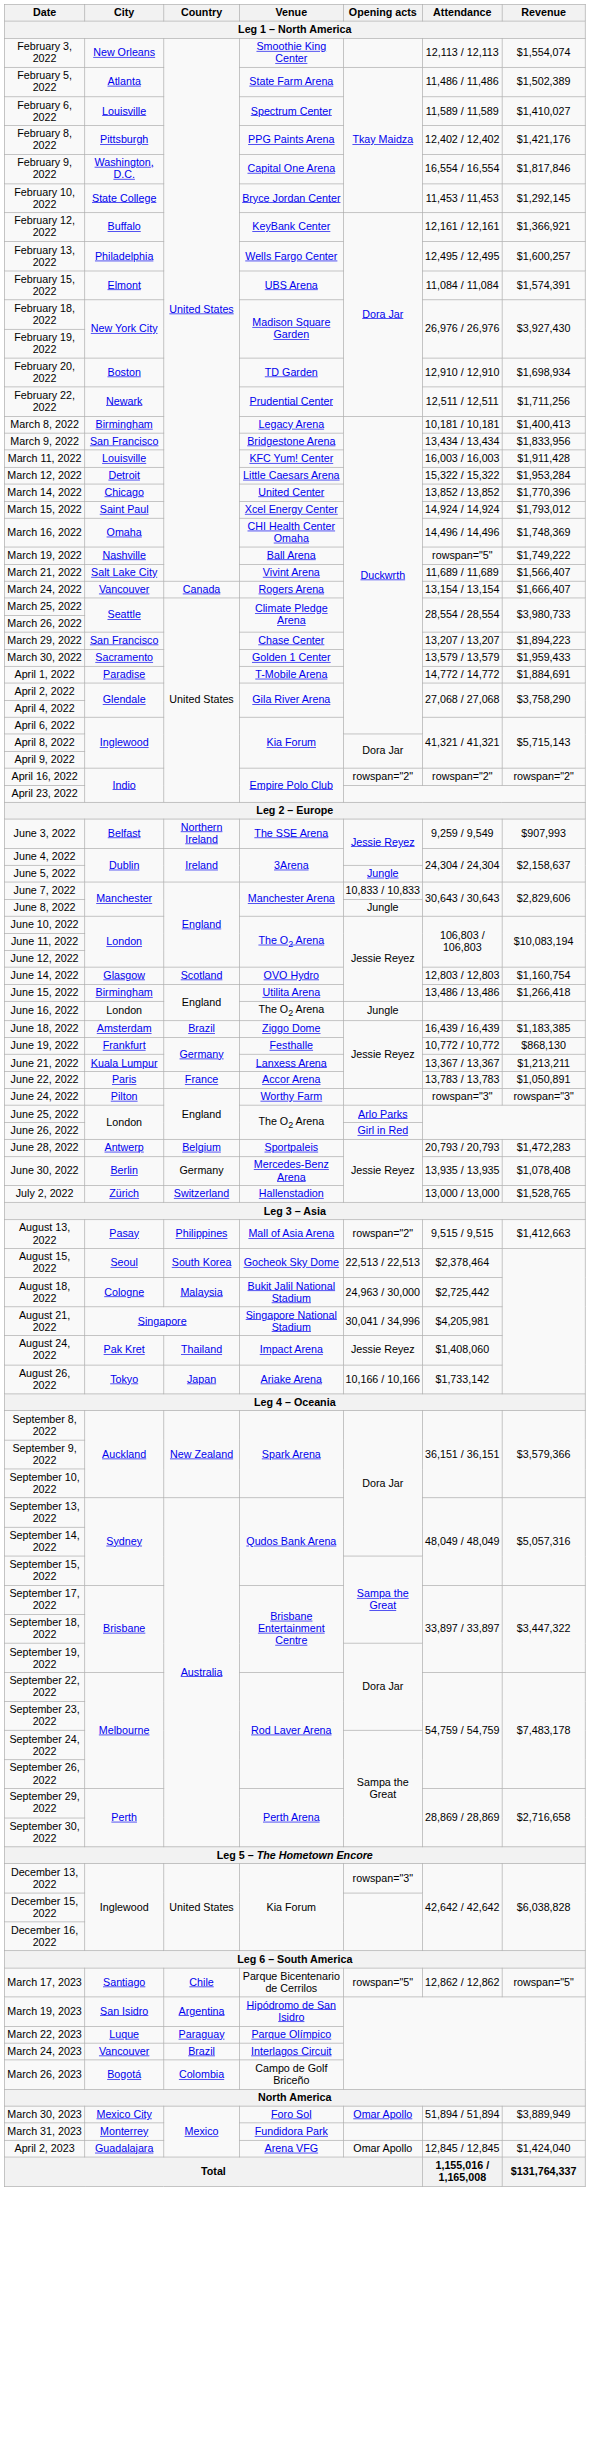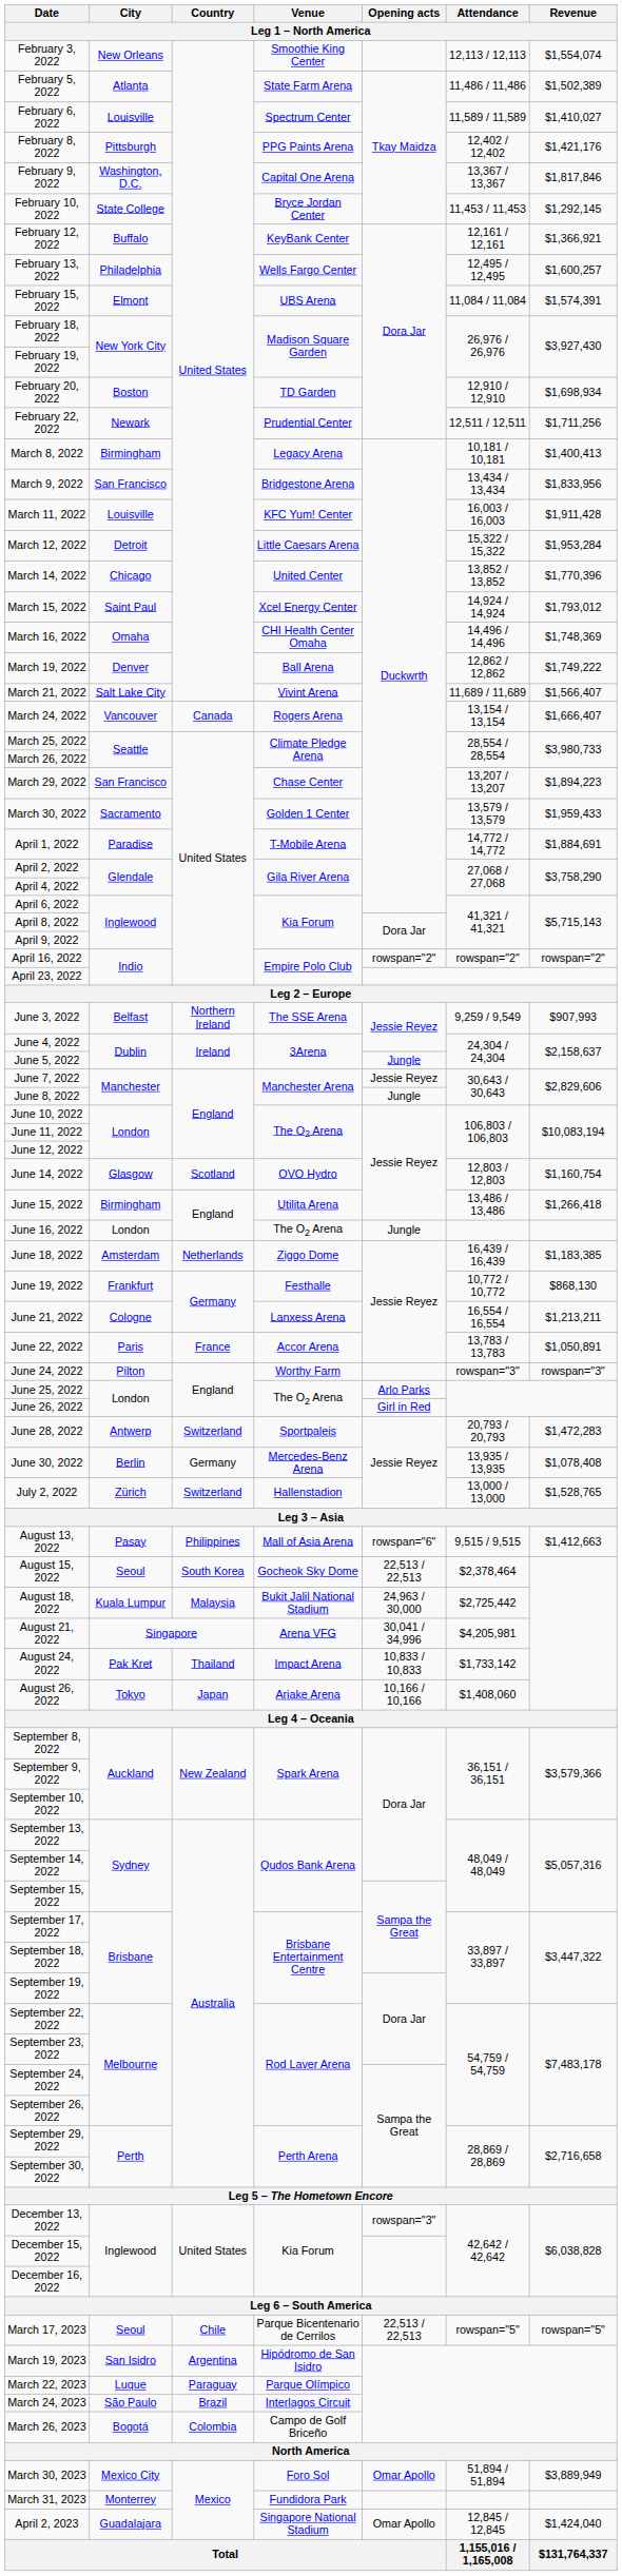 <table class="wikitable plainrowheaders" style="text-align:center;">
 <tr>
 <th scope="col" style="width:12em;">Date</th>
 <th scope="col" style="width:10em;">City</th>
 <th scope="col" style="width:10em;">Country</th>
 <th scope="col" style="width:16em;">Venue</th>
 <th scope="col" style="width:10em;">Opening acts</th>
 <th scope="col" style="width:10em;">Attendance</th>
 <th scope="col" style="width:10em;">Revenue</th>
 </tr>
 <tr>
 <th colspan="7">Leg 1 <strong>–</strong> North America</th>
 </tr>
 <tr>
 <td>February 3, 2022</td>
 <td><a href='#'>New Orleans</a></td>
 <td rowspan="22"><a href='#'>United States</a></td>
 <td><a href='#'>Smoothie King Center</a></td>
 <td></td>
 <td>12,113 / 12,113</td>
 <td>$1,554,074</td>
 </tr>
 <tr>
 <td>February 5, 2022</td>
 <td><a href='#'>Atlanta</a></td>
 <td><a href='#'>State Farm Arena</a></td>
 <td rowspan="5"><a href='#'>Tkay Maidza</a></td>
 <td>11,486 / 11,486</td>
 <td>$1,502,389</td>
 </tr>
 <tr>
 <td>February 6, 2022</td>
 <td><a href='#'>Louisville</a></td>
 <td><a href='#'>Spectrum Center</a></td>
 <td>11,589 / 11,589</td>
 <td>$1,410,027</td>
 </tr>
 <tr>
 <td>February 8, 2022</td>
 <td><a href='#'>Pittsburgh</a></td>
 <td><a href='#'>PPG Paints Arena</a></td>
 <td>12,402 / 12,402</td>
 <td>$1,421,176</td>
 </tr>
 <tr>
 <td>February 9, 2022</td>
 <td><a href='#'>Washington, D.C.</a></td>
 <td><a href='#'>Capital One Arena</a></td>
-<td>16,554 / 16,554</td>
+<td>13,367 / 13,367</td>
 <td>$1,817,846</td>
 </tr>
 <tr>
 <td>February 10, 2022</td>
 <td><a href='#'>State College</a></td>
 <td><a href='#'>Bryce Jordan Center</a></td>
 <td>11,453 / 11,453</td>
 <td>$1,292,145</td>
 </tr>
 <tr>
 <td>February 12, 2022</td>
 <td><a href='#'>Buffalo</a></td>
 <td><a href='#'>KeyBank Center</a></td>
 <td rowspan="7"><a href='#'>Dora Jar</a></td>
 <td>12,161 / 12,161</td>
 <td>$1,366,921</td>
 </tr>
 <tr>
 <td>February 13, 2022</td>
 <td><a href='#'>Philadelphia</a></td>
 <td><a href='#'>Wells Fargo Center</a></td>
 <td>12,495 / 12,495</td>
 <td>$1,600,257</td>
 </tr>
 <tr>
 <td>February 15, 2022</td>
 <td><a href='#'>Elmont</a></td>
 <td><a href='#'>UBS Arena</a></td>
 <td>11,084 / 11,084</td>
 <td>$1,574,391</td>
 </tr>
 <tr>
 <td>February 18, 2022</td>
 <td rowspan="2"><a href='#'>New York City</a></td>
 <td rowspan="2"><a href='#'>Madison Square Garden</a></td>
 <td rowspan="2">26,976 / 26,976</td>
 <td rowspan="2">$3,927,430</td>
 </tr>
 <tr>
 <td>February 19, 2022</td>
 </tr>
 <tr>
 <td>February 20, 2022</td>
 <td><a href='#'>Boston</a></td>
 <td><a href='#'>TD Garden</a></td>
 <td>12,910 / 12,910</td>
 <td>$1,698,934</td>
 </tr>
 <tr>
 <td>February 22, 2022</td>
 <td><a href='#'>Newark</a></td>
 <td><a href='#'>Prudential Center</a></td>
 <td>12,511 / 12,511</td>
 <td>$1,711,256</td>
 </tr>
 <tr>
 <td>March 8, 2022</td>
 <td><a href='#'>Birmingham</a></td>
 <td><a href='#'>Legacy Arena</a></td>
 <td rowspan="18"><a href='#'>Duckwrth</a></td>
 <td>10,181 / 10,181</td>
 <td>$1,400,413</td>
 </tr>
 <tr>
 <td>March 9, 2022</td>
 <td><a href='#'>San Francisco</a></td>
 <td><a href='#'>Bridgestone Arena</a></td>
 <td>13,434 / 13,434</td>
 <td>$1,833,956</td>
 </tr>
 <tr>
 <td>March 11, 2022</td>
 <td><a href='#'>Louisville</a></td>
 <td><a href='#'>KFC Yum! Center</a></td>
 <td>16,003 / 16,003</td>
 <td>$1,911,428</td>
 </tr>
 <tr>
 <td>March 12, 2022</td>
 <td><a href='#'>Detroit</a></td>
 <td><a href='#'>Little Caesars Arena</a></td>
 <td>15,322 / 15,322</td>
 <td>$1,953,284</td>
 </tr>
 <tr>
 <td>March 14, 2022</td>
 <td><a href='#'>Chicago</a></td>
 <td><a href='#'>United Center</a></td>
 <td>13,852 / 13,852</td>
 <td>$1,770,396</td>
 </tr>
 <tr>
 <td>March 15, 2022</td>
 <td><a href='#'>Saint Paul</a></td>
 <td><a href='#'>Xcel Energy Center</a></td>
 <td>14,924 / 14,924</td>
 <td>$1,793,012</td>
 </tr>
 <tr>
 <td>March 16, 2022</td>
 <td><a href='#'>Omaha</a></td>
 <td><a href='#'>CHI Health Center Omaha</a></td>
 <td>14,496 / 14,496</td>
 <td>$1,748,369</td>
 </tr>
 <tr>
 <td>March 19, 2022</td>
-<td><a href='#'>Nashville</a></td>
+<td><a href='#'>Denver</a></td>
 <td><a href='#'>Ball Arena</a></td>
-<td>rowspan="5" </td>
+<td>12,862 / 12,862</td>
 <td>$1,749,222</td>
 </tr>
 <tr>
 <td>March 21, 2022</td>
 <td><a href='#'>Salt Lake City</a></td>
 <td><a href='#'>Vivint Arena</a></td>
 <td>11,689 / 11,689</td>
 <td>$1,566,407</td>
 </tr>
 <tr>
 <td>March 24, 2022</td>
 <td><a href='#'>Vancouver</a></td>
 <td><a href='#'>Canada</a></td>
 <td><a href='#'>Rogers Arena</a></td>
 <td>13,154 / 13,154</td>
 <td>$1,666,407</td>
 </tr>
 <tr>
 <td>March 25, 2022</td>
 <td rowspan="2"><a href='#'>Seattle</a></td>
 <td rowspan="12">United States</td>
 <td rowspan="2"><a href='#'>Climate Pledge Arena</a></td>
 <td rowspan="2">28,554 / 28,554</td>
 <td rowspan="2">$3,980,733</td>
 </tr>
 <tr>
 <td>March 26, 2022</td>
 </tr>
 <tr>
 <td>March 29, 2022</td>
 <td><a href='#'>San Francisco</a></td>
 <td><a href='#'>Chase Center</a></td>
 <td>13,207 / 13,207</td>
 <td>$1,894,223</td>
 </tr>
 <tr>
 <td>March 30, 2022</td>
 <td><a href='#'>Sacramento</a></td>
 <td><a href='#'>Golden 1 Center</a></td>
 <td>13,579 / 13,579</td>
 <td>$1,959,433</td>
 </tr>
 <tr>
 <td>April 1, 2022</td>
 <td><a href='#'>Paradise</a></td>
 <td><a href='#'>T-Mobile Arena</a></td>
 <td>14,772 / 14,772</td>
 <td>$1,884,691</td>
 </tr>
 <tr>
 <td>April 2, 2022</td>
 <td rowspan="2"><a href='#'>Glendale</a></td>
 <td rowspan="2"><a href='#'>Gila River Arena</a></td>
 <td rowspan="2">27,068 / 27,068</td>
 <td rowspan="2">$3,758,290</td>
 </tr>
 <tr>
 <td>April 4, 2022</td>
 </tr>
 <tr>
 <td>April 6, 2022</td>
 <td rowspan="3"><a href='#'>Inglewood</a></td>
 <td rowspan="3"><a href='#'>Kia Forum</a></td>
 <td rowspan="3">41,321 / 41,321</td>
 <td rowspan="3">$5,715,143</td>
 </tr>
 <tr>
 <td>April 8, 2022</td>
 <td rowspan="2">Dora Jar</td>
 </tr>
 <tr>
 <td>April 9, 2022</td>
 </tr>
 <tr>
 <td>April 16, 2022</td>
 <td rowspan="2"><a href='#'>Indio</a></td>
 <td rowspan="2"><a href='#'>Empire Polo Club</a></td>
 <td>rowspan="2" </td>
 <td>rowspan="2" </td>
 <td>rowspan="2" </td>
 </tr>
 <tr>
 <td>April 23, 2022</td>
 </tr>
 <tr>
 <th colspan="7">Leg 2 <strong>–</strong> Europe</th>
 </tr>
 <tr>
 <td>June 3, 2022</td>
 <td><a href='#'>Belfast</a></td>
 <td><a href='#'>Northern Ireland</a></td>
 <td><a href='#'>The SSE Arena</a></td>
 <td rowspan="2"><a href='#'>Jessie Reyez</a></td>
 <td>9,259  / 9,549</td>
 <td>$907,993</td>
 </tr>
 <tr>
 <td>June 4, 2022</td>
 <td rowspan="2"><a href='#'>Dublin</a></td>
 <td rowspan="2"><a href='#'>Ireland</a></td>
 <td rowspan="2"><a href='#'>3Arena</a></td>
 <td rowspan="2">24,304 / 24,304</td>
 <td rowspan="2">$2,158,637</td>
 </tr>
 <tr>
 <td>June 5, 2022</td>
 <td><a href='#'>Jungle</a></td>
 </tr>
 <tr>
 <td>June 7, 2022</td>
 <td rowspan="2"><a href='#'>Manchester</a></td>
 <td rowspan="5"><a href='#'>England</a></td>
 <td rowspan="2"><a href='#'>Manchester Arena</a></td>
-<td>10,833 / 10,833</td>
+<td>Jessie Reyez</td>
 <td rowspan="2">30,643 / 30,643</td>
 <td rowspan="2">$2,829,606</td>
 </tr>
 <tr>
 <td>June 8, 2022</td>
 <td>Jungle</td>
 </tr>
 <tr>
 <td>June 10, 2022</td>
 <td rowspan="3"><a href='#'>London</a></td>
 <td rowspan="3"><a href='#'>The O<sub>2</sub> Arena</a></td>
 <td rowspan="5">Jessie Reyez</td>
 <td rowspan="3">106,803 / 106,803</td>
 <td rowspan="3">$10,083,194</td>
 </tr>
 <tr>
 <td>June 11, 2022</td>
 </tr>
 <tr>
 <td>June 12, 2022</td>
 </tr>
 <tr>
 <td>June 14, 2022</td>
 <td><a href='#'>Glasgow</a></td>
 <td><a href='#'>Scotland</a></td>
 <td><a href='#'>OVO Hydro</a></td>
 <td>12,803 / 12,803</td>
 <td>$1,160,754</td>
 </tr>
 <tr>
 <td>June 15, 2022</td>
 <td><a href='#'>Birmingham</a></td>
 <td rowspan="2">England</td>
 <td><a href='#'>Utilita Arena</a></td>
 <td>13,486 / 13,486</td>
 <td>$1,266,418</td>
 </tr>
 <tr>
 <td>June 16, 2022</td>
 <td>London</td>
 <td>The O<sub>2</sub> Arena</td>
 <td>Jungle</td>
 <td></td>
 <td></td>
 </tr>
 <tr>
 <td>June 18, 2022</td>
 <td><a href='#'>Amsterdam</a></td>
-<td><a href='#'>Brazil</a></td>
+<td><a href='#'>Netherlands</a></td>
 <td><a href='#'>Ziggo Dome</a></td>
 <td rowspan="4">Jessie Reyez</td>
 <td>16,439 / 16,439</td>
 <td>$1,183,385</td>
 </tr>
 <tr>
 <td>June 19, 2022</td>
 <td><a href='#'>Frankfurt</a></td>
 <td rowspan="2"><a href='#'>Germany</a></td>
 <td><a href='#'>Festhalle</a></td>
 <td>10,772 / 10,772</td>
 <td>$868,130</td>
 </tr>
 <tr>
 <td>June 21, 2022</td>
-<td><a href='#'>Kuala Lumpur</a></td>
+<td><a href='#'>Cologne</a></td>
 <td><a href='#'>Lanxess Arena</a></td>
-<td>13,367 / 13,367</td>
+<td>16,554 / 16,554</td>
 <td>$1,213,211</td>
 </tr>
 <tr>
 <td>June 22, 2022</td>
 <td><a href='#'>Paris</a></td>
 <td><a href='#'>France</a></td>
 <td><a href='#'>Accor Arena</a></td>
 <td>13,783 / 13,783</td>
 <td>$1,050,891</td>
 </tr>
 <tr>
 <td>June 24, 2022</td>
 <td><a href='#'>Pilton</a></td>
 <td rowspan="3">England</td>
 <td><a href='#'>Worthy Farm</a></td>
 <td></td>
 <td>rowspan="3" </td>
 <td>rowspan="3" </td>
 </tr>
 <tr>
 <td>June 25, 2022</td>
 <td rowspan="2">London</td>
 <td rowspan="2">The O<sub>2</sub> Arena</td>
 <td><a href='#'>Arlo Parks</a></td>
 </tr>
 <tr>
 <td>June 26, 2022</td>
 <td><a href='#'>Girl in Red</a></td>
 </tr>
 <tr>
 <td>June 28, 2022</td>
 <td><a href='#'>Antwerp</a></td>
-<td><a href='#'>Belgium</a></td>
+<td><a href='#'>Switzerland</a></td>
 <td><a href='#'>Sportpaleis</a></td>
 <td rowspan="3">Jessie Reyez</td>
 <td>20,793 / 20,793</td>
 <td>$1,472,283</td>
 </tr>
 <tr>
 <td>June 30, 2022</td>
 <td><a href='#'>Berlin</a></td>
 <td>Germany</td>
 <td><a href='#'>Mercedes-Benz Arena</a></td>
 <td>13,935 / 13,935</td>
 <td>$1,078,408</td>
 </tr>
 <tr>
 <td>July 2, 2022</td>
 <td><a href='#'>Zürich</a></td>
 <td><a href='#'>Switzerland</a></td>
 <td><a href='#'>Hallenstadion</a></td>
 <td>13,000 / 13,000</td>
 <td>$1,528,765</td>
 </tr>
 <tr>
 <th colspan="7">Leg 3 <strong>–</strong> Asia</th>
 </tr>
 <tr>
 <td>August 13, 2022</td>
 <td><a href='#'>Pasay</a></td>
 <td><a href='#'>Philippines</a></td>
 <td><a href='#'>Mall of Asia Arena</a></td>
-<td>rowspan="2" </td>
+<td>rowspan="6" </td>
 <td>9,515 / 9,515</td>
 <td>$1,412,663</td>
 </tr>
 <tr>
 <td>August 15, 2022</td>
 <td><a href='#'>Seoul</a></td>
 <td><a href='#'>South Korea</a></td>
 <td><a href='#'>Gocheok Sky Dome</a></td>
 <td>22,513 / 22,513</td>
 <td>$2,378,464</td>
 </tr>
 <tr>
 <td>August 18, 2022</td>
-<td><a href='#'>Cologne</a></td>
+<td><a href='#'>Kuala Lumpur</a></td>
 <td><a href='#'>Malaysia</a></td>
 <td><a href='#'>Bukit Jalil National Stadium</a></td>
 <td>24,963 / 30,000</td>
 <td>$2,725,442</td>
 </tr>
 <tr>
 <td>August 21, 2022</td>
 <td colspan="2"><a href='#'>Singapore</a></td>
-<td><a href='#'>Singapore National Stadium</a></td>
+<td><a href='#'>Arena VFG</a></td>
 <td>30,041 / 34,996</td>
 <td>$4,205,981</td>
 </tr>
 <tr>
 <td>August 24, 2022</td>
 <td><a href='#'>Pak Kret</a></td>
 <td><a href='#'>Thailand</a></td>
 <td><a href='#'>Impact Arena</a></td>
-<td>Jessie Reyez</td>
-<td>$1,408,060</td>
+<td>10,833 / 10,833</td>
+<td>$1,733,142</td>
 </tr>
 <tr>
 <td>August 26, 2022</td>
 <td><a href='#'>Tokyo</a></td>
 <td><a href='#'>Japan</a></td>
 <td><a href='#'>Ariake Arena</a></td>
 <td>10,166 / 10,166</td>
-<td>$1,733,142</td>
+<td>$1,408,060</td>
 </tr>
 <tr>
 <th colspan="7">Leg 4 <strong>–</strong> Oceania</th>
 </tr>
 <tr>
 <td>September 8, 2022</td>
 <td rowspan="3"><a href='#'>Auckland</a></td>
 <td rowspan="3"><a href='#'>New Zealand</a></td>
 <td rowspan="3"><a href='#'>Spark Arena</a></td>
 <td rowspan="5">Dora Jar</td>
 <td rowspan="3">36,151 / 36,151</td>
 <td rowspan="3">$3,579,366</td>
 </tr>
 <tr>
 <td>September 9, 2022</td>
 </tr>
 <tr>
 <td>September 10, 2022</td>
 </tr>
 <tr>
 <td>September 13, 2022</td>
 <td rowspan="3"><a href='#'>Sydney</a></td>
 <td rowspan="12"><a href='#'>Australia</a></td>
 <td rowspan="3"><a href='#'>Qudos Bank Arena</a></td>
 <td rowspan="3">48,049 / 48,049</td>
 <td rowspan="3">$5,057,316</td>
 </tr>
 <tr>
 <td>September 14, 2022</td>
 </tr>
 <tr>
 <td>September 15, 2022</td>
 <td rowspan="3"><a href='#'>Sampa the Great</a></td>
 </tr>
 <tr>
 <td>September 17, 2022</td>
 <td rowspan="3"><a href='#'>Brisbane</a></td>
 <td rowspan="3"><a href='#'>Brisbane Entertainment Centre</a></td>
 <td rowspan="3">33,897 / 33,897</td>
 <td rowspan="3">$3,447,322</td>
 </tr>
 <tr>
 <td>September 18, 2022</td>
 </tr>
 <tr>
 <td>September 19, 2022</td>
 <td rowspan="3">Dora Jar</td>
 </tr>
 <tr>
 <td>September 22, 2022</td>
 <td rowspan="4"><a href='#'>Melbourne</a></td>
 <td rowspan="4"><a href='#'>Rod Laver Arena</a></td>
 <td rowspan="4">54,759 / 54,759</td>
 <td rowspan="4">$7,483,178</td>
 </tr>
 <tr>
 <td>September 23, 2022</td>
 </tr>
 <tr>
 <td>September 24, 2022</td>
 <td rowspan="4">Sampa the Great</td>
 </tr>
 <tr>
 <td>September 26, 2022</td>
 </tr>
 <tr>
 <td>September 29, 2022</td>
 <td rowspan="2"><a href='#'>Perth</a></td>
 <td rowspan="2"><a href='#'>Perth Arena</a></td>
 <td rowspan="2">28,869 / 28,869</td>
 <td rowspan="2">$2,716,658</td>
 </tr>
 <tr>
 <td>September 30, 2022</td>
 </tr>
 <tr>
 <th colspan="7">Leg 5 <strong>–</strong> <em>The Hometown Encore</em></th>
 </tr>
 <tr>
 <td>December 13, 2022</td>
 <td rowspan="3">Inglewood</td>
 <td rowspan="3">United States</td>
 <td rowspan="3">Kia Forum</td>
 <td>rowspan="3" </td>
 <td rowspan="3">42,642 / 42,642</td>
 <td rowspan="3">$6,038,828</td>
 </tr>
 <tr>
 <td>December 15, 2022</td>
 </tr>
 <tr>
 <td>December 16, 2022</td>
 </tr>
 <tr>
 <th colspan="7">Leg 6 <strong>–</strong> South America</th>
 </tr>
 <tr>
 <td>March 17, 2023</td>
-<td><a href='#'>Santiago</a></td>
+<td><a href='#'>Seoul</a></td>
 <td><a href='#'>Chile</a></td>
 <td>Parque Bicentenario de Cerrilos</td>
+<td>22,513 / 22,513</td>
 <td>rowspan="5" </td>
-<td>12,862 / 12,862</td>
 <td>rowspan="5" </td>
 </tr>
 <tr>
 <td>March 19, 2023</td>
 <td><a href='#'>San Isidro</a></td>
 <td><a href='#'>Argentina</a></td>
 <td><a href='#'>Hipódromo de San Isidro</a></td>
 </tr>
 <tr>
 <td>March 22, 2023</td>
 <td><a href='#'>Luque</a></td>
 <td><a href='#'>Paraguay</a></td>
 <td><a href='#'>Parque Olímpico</a></td>
 </tr>
 <tr>
 <td>March 24, 2023</td>
-<td><a href='#'>Vancouver</a></td>
+<td><a href='#'>São Paulo</a></td>
 <td><a href='#'>Brazil</a></td>
 <td><a href='#'>Interlagos Circuit</a></td>
 </tr>
 <tr>
 <td>March 26, 2023</td>
 <td><a href='#'>Bogotá</a></td>
 <td><a href='#'>Colombia</a></td>
 <td>Campo de Golf Briceño</td>
 </tr>
 <tr>
 <th colspan="7">North America</th>
 </tr>
 <tr>
 <td>March 30, 2023</td>
 <td><a href='#'>Mexico City</a></td>
 <td rowspan="3"><a href='#'>Mexico</a></td>
 <td><a href='#'>Foro Sol</a></td>
 <td><a href='#'>Omar Apollo</a></td>
 <td>51,894 / 51,894</td>
 <td>$3,889,949</td>
 </tr>
 <tr>
 <td>March 31, 2023</td>
 <td><a href='#'>Monterrey</a></td>
 <td><a href='#'>Fundidora Park</a></td>
 <td></td>
 <td></td>
 <td></td>
 </tr>
 <tr>
 <td>April 2, 2023</td>
 <td><a href='#'>Guadalajara</a></td>
-<td><a href='#'>Arena VFG</a></td>
+<td><a href='#'>Singapore National Stadium</a></td>
 <td>Omar Apollo</td>
 <td>12,845 / 12,845</td>
 <td>$1,424,040</td>
 </tr>
 <tr>
 <th colspan="5">Total</th>
 <th>1,155,016 / 1,165,008</th>
 <th>$131,764,337</th>
 </tr>
 </table>
